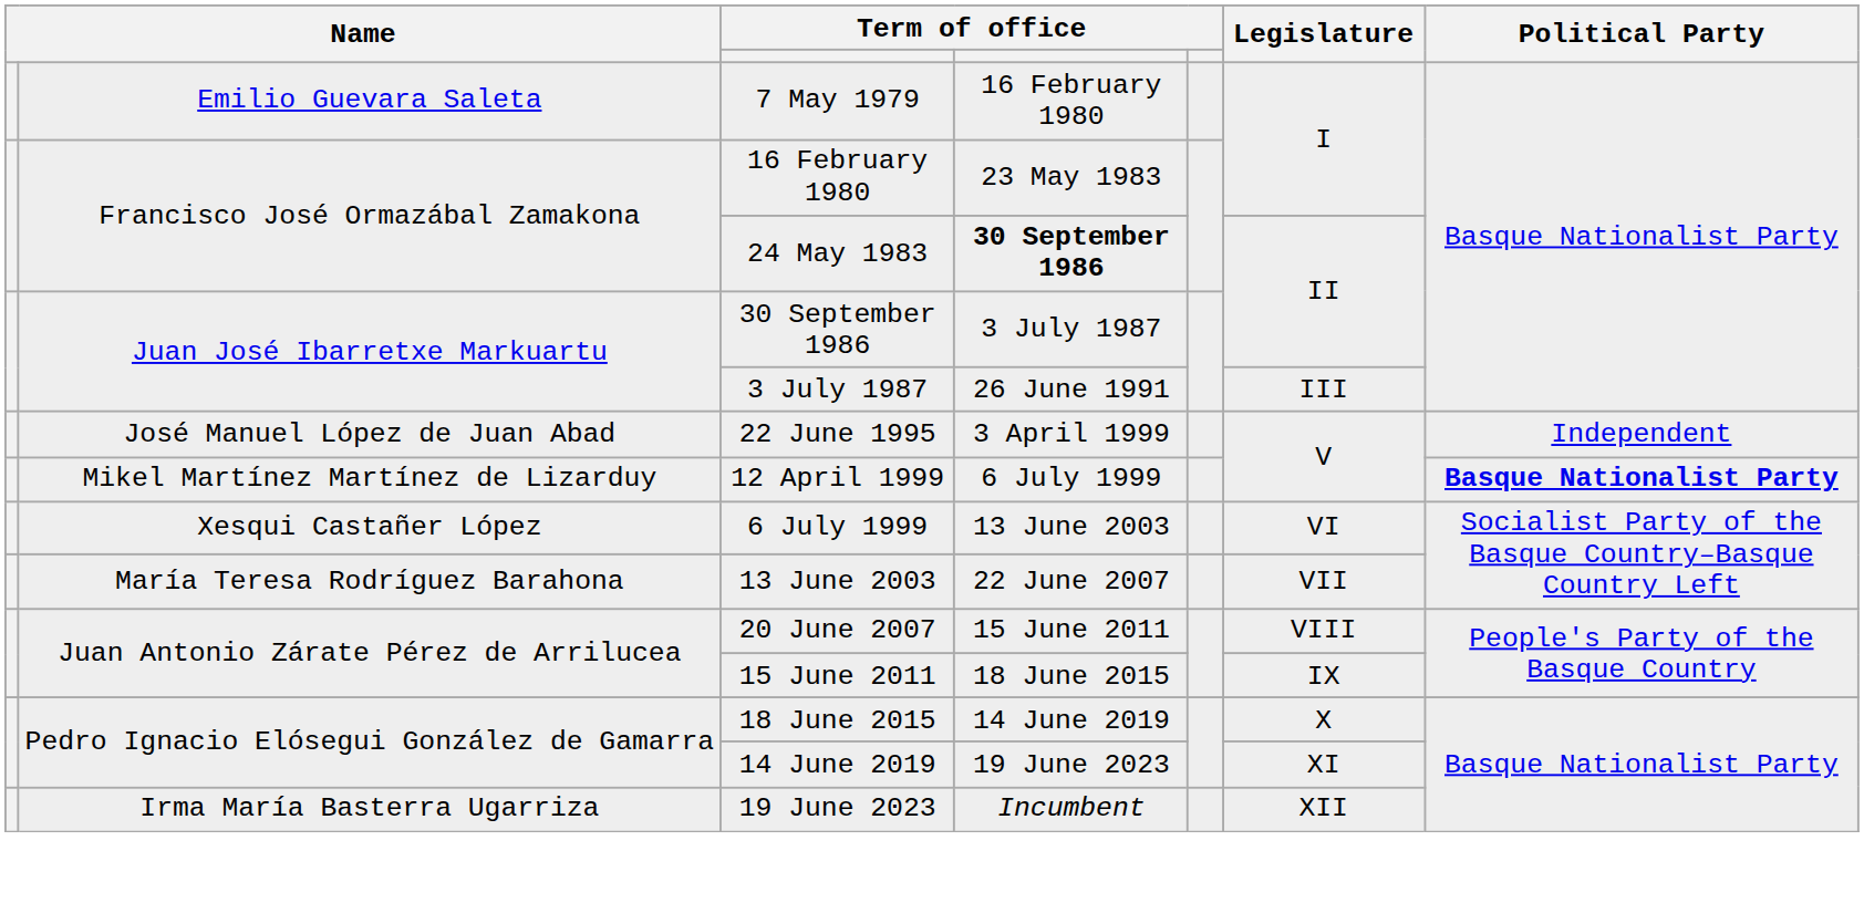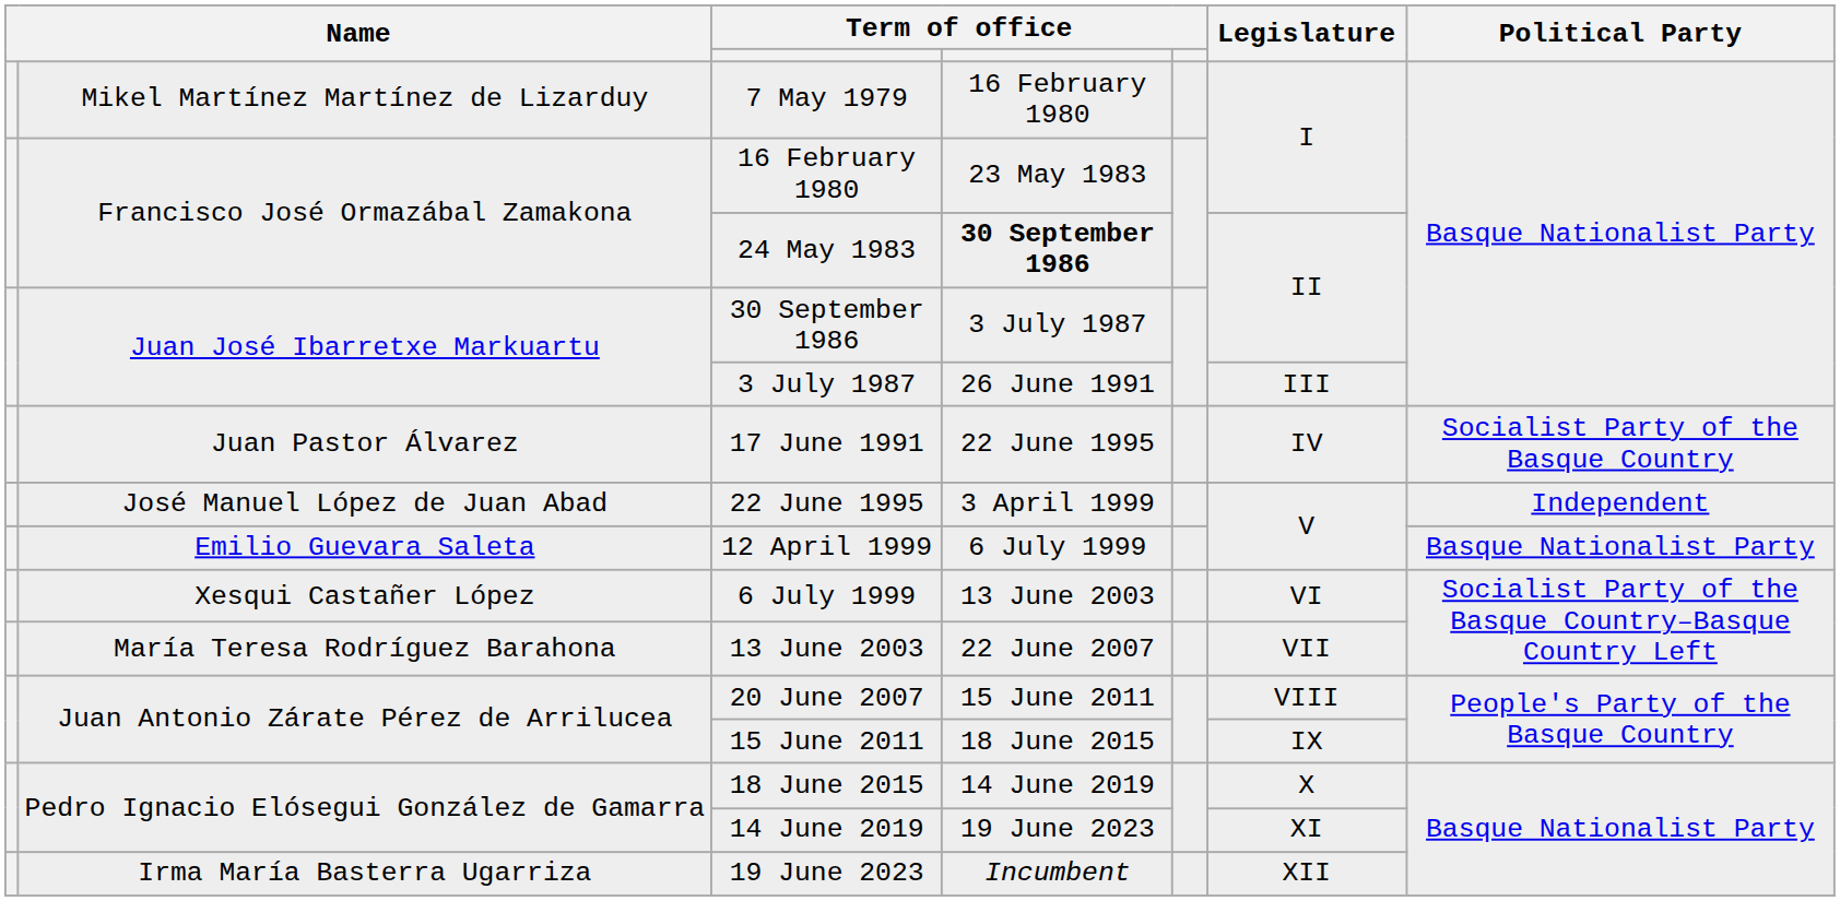 <table class="wikitable" style="text-align:center; border:1px #aaf solid;">
 <tr>
 <th rowspan="2" colspan="2">Name</th>
 <th colspan="3">Term of office</th>
 <th rowspan="2" width=90>Legislature<br> </th>
 <th rowspan="2" width=200>Political Party</th>
 </tr>
 <tr>
 <th width=105></th>
 <th width=105></th>
 <th width=10></th>
 </tr>
 <tr style="background:#eee;">
 <th style="background:"></th>
-<td><a href='#'>Emilio Guevara Saleta</a></td>
+<td>Mikel Martínez Martínez de Lizarduy</td>
 <td>7 May 1979</td>
 <td>16 February 1980</td>
 <td></td>
 <td rowspan=2>I </td>
 <td rowspan=5 ><a href='#'>Basque Nationalist Party</a></td>
 </tr>
 <tr style="background:#eee;">
 <th rowspan=2 style="background:"></th>
 <td rowspan=2>Francisco José Ormazábal Zamakona</td>
 <td>16 February 1980</td>
 <td>23 May 1983</td>
 <td rowspan=2></td>
 </tr>
 <tr style="background:#eee;">
 <td>24 May 1983</td>
 <td><strong>30 September 1986</strong></td>
 <td rowspan=2>II </td>
 </tr>
 <tr style="background:#eee;">
 <th rowspan=2 style="background:"></th>
 <td rowspan=2><a href='#'>Juan José Ibarretxe Markuartu</a></td>
 <td>30 September 1986</td>
 <td>3 July 1987</td>
 <td rowspan=2></td>
 </tr>
 <tr style="background:#eee;">
 <td>3 July 1987</td>
 <td>26 June 1991</td>
 <td>III </td>
 </tr>
 <tr style="background:#eee;">
 <th style="background:"></th>
+<td>Juan Pastor Álvarez</td>
+<td>17 June 1991</td>
+<td>22 June 1995</td>
+<td></td>
+<td>IV </td>
+<td><a href='#'>Socialist Party of the Basque Country</a></td>
+</tr>
+<tr style="background:#eee;">
+<th style="background:"></th>
 <td>José Manuel López de Juan Abad</td>
 <td>22 June 1995</td>
 <td>3 April 1999</td>
 <td></td>
 <td rowspan=2>V </td>
 <td><a href='#'>Independent</a></td>
 </tr>
 <tr style="background:#eee;">
 <th style="background:"></th>
-<td>Mikel Martínez Martínez de Lizarduy</td>
+<td><a href='#'>Emilio Guevara Saleta</a></td>
 <td>12 April 1999</td>
 <td>6 July 1999</td>
 <td></td>
-<td><strong><a href='#'>Basque Nationalist Party</a></strong></td>
+<td><a href='#'>Basque Nationalist Party</a></td>
 </tr>
 <tr style="background:#eee;">
 <th style="background:"></th>
 <td>Xesqui Castañer López</td>
 <td>6 July 1999</td>
 <td>13 June 2003</td>
 <td></td>
 <td>VI </td>
 <td rowspan=2 ><a href='#'>Socialist Party of the Basque Country–Basque Country Left</a></td>
 </tr>
 <tr style="background:#eee;">
 <th style="background:"></th>
 <td>María Teresa Rodríguez Barahona</td>
 <td>13 June 2003</td>
 <td>22 June 2007</td>
 <td></td>
 <td>VII </td>
 </tr>
 <tr style="background:#eee">
 <th rowspan=2 style="background:"></th>
 <td rowspan=2>Juan Antonio Zárate Pérez de Arrilucea</td>
 <td>20 June 2007</td>
 <td>15 June 2011</td>
 <td rowspan=2></td>
 <td>VIII </td>
 <td rowspan=2 ><a href='#'>People's Party of the Basque Country</a></td>
 </tr>
 <tr style="background:#eee;">
 <td>15 June 2011</td>
 <td>18 June 2015</td>
 <td>IX </td>
 </tr>
 <tr style="background:#eee">
 <th rowspan=2 style="background:"></th>
 <td rowspan=2>Pedro Ignacio Elósegui González de Gamarra</td>
 <td>18 June 2015</td>
 <td>14 June 2019</td>
 <td rowspan=2></td>
 <td>X </td>
 <td rowspan=3 ><a href='#'>Basque Nationalist Party</a></td>
 </tr>
 <tr style="background:#eee;">
 <td>14 June 2019</td>
 <td>19 June 2023</td>
 <td>XI </td>
 </tr>
 <tr style="background:#eee">
 <th style="background:"></th>
 <td>Irma María Basterra Ugarriza</td>
 <td>19 June 2023</td>
 <td><em>Incumbent</em></td>
 <td></td>
 <td>XII </td>
 </tr>
 </table>
